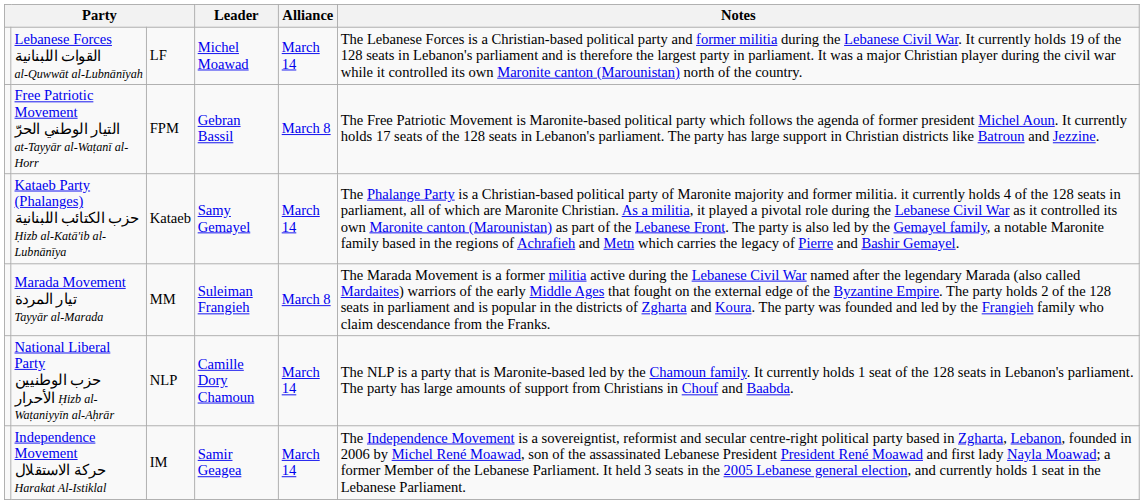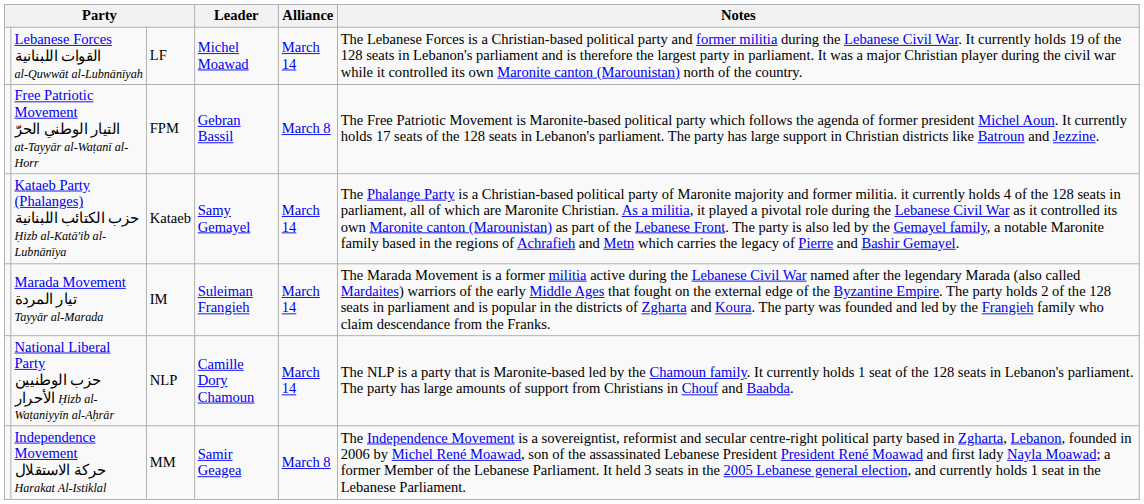 <table class="wikitable sortable">
 <tr>
 <th colspan="3">Party</th>
 <th>Leader</th>
 <th>Alliance</th>
 <th>Notes</th>
 </tr>
 <tr>
 <td></td>
 <td><a href='#'>Lebanese Forces</a><br><span>القوات اللبنانية</span><br><small><em>al-Quwwāt al-Lubnānīyah</em></small></td>
 <td>LF</td>
 <td><a href='#'>Michel Moawad</a></td>
 <td><a href='#'>March 14</a></td>
 <td>The Lebanese Forces is a Christian-based political party and <a href='#'>former militia</a> during the <a href='#'>Lebanese Civil War</a>. It currently holds 19 of the 128 seats in Lebanon's parliament and is therefore the largest party in parliament. It was a major Christian player during the civil war while it controlled its own <a href='#'>Maronite canton (Marounistan)</a> north of the country.</td>
 </tr>
 <tr>
 <td></td>
 <td><a href='#'>Free Patriotic Movement</a><br><span>التيار الوطني الحرّ</span><br><small><em>at-Tayyār al-Waṭanī al-Horr</em></small></td>
 <td>FPM</td>
 <td><a href='#'>Gebran Bassil</a></td>
 <td><a href='#'>March 8</a></td>
 <td>The Free Patriotic Movement is Maronite-based political party which follows the agenda of former president <a href='#'>Michel Aoun</a>. It currently holds 17 seats of the 128 seats in Lebanon's parliament. The party has large support in Christian districts like <a href='#'>Batroun</a> and <a href='#'>Jezzine</a>.</td>
 </tr>
 <tr>
 <td></td>
 <td><a href='#'>Kataeb Party (Phalanges)</a><br><span>حزب الكتائب اللبنانية</span><br><small><em>Ḥizb al-Katā'ib al-Lubnānīya</em></small></td>
 <td>Kataeb</td>
 <td><a href='#'>Samy Gemayel</a></td>
 <td><a href='#'>March 14</a></td>
 <td>The <a href='#'>Phalange Party</a> is a Christian-based political party of Maronite majority and former militia. it currently holds 4 of the 128 seats in parliament, all of which are Maronite Christian. <a href='#'>As a militia</a>, it played a pivotal role during the <a href='#'>Lebanese Civil War</a> as it controlled its own <a href='#'>Maronite canton (Marounistan)</a> as part of the <a href='#'>Lebanese Front</a>. The party is also led by the <a href='#'>Gemayel family</a>, a notable Maronite family based in the regions of <a href='#'>Achrafieh</a> and <a href='#'>Metn</a> which carries the legacy of <a href='#'>Pierre</a> and <a href='#'>Bashir Gemayel</a>.</td>
 </tr>
 <tr>
 <td></td>
 <td><a href='#'>Marada Movement</a><br><span>تيار المردة</span><br><small><em>Tayyār al-Marada</em></small></td>
-<td>MM</td>
+<td>IM</td>
 <td><a href='#'>Suleiman Frangieh</a></td>
-<td><a href='#'>March 8</a></td>
+<td><a href='#'>March 14</a></td>
 <td>The Marada Movement is a former <a href='#'>militia</a> active during the <a href='#'>Lebanese Civil War</a> named after the legendary Marada (also called <a href='#'>Mardaites</a>) warriors of the early <a href='#'>Middle Ages</a> that fought on the external edge of the <a href='#'>Byzantine Empire</a>. The party holds 2 of the 128 seats in parliament and is popular in the districts of <a href='#'>Zgharta</a> and <a href='#'>Koura</a>. The party was founded and led by the <a href='#'>Frangieh</a> family who claim descendance from the Franks.</td>
 </tr>
 <tr>
 <td></td>
 <td><a href='#'>National Liberal Party</a><br><span>حزب الوطنيين الأحرار</span> <small><em>Ḥizb al-Waṭaniyyīn al-Aḥrār</em></small></td>
 <td>NLP</td>
 <td><a href='#'>Camille Dory Chamoun</a></td>
 <td><a href='#'>March 14</a></td>
 <td>The NLP is a party that is Maronite-based led by the <a href='#'>Chamoun family</a>. It currently holds 1 seat of the 128 seats in Lebanon's parliament. The party has large amounts of support from Christians in <a href='#'>Chouf</a> and <a href='#'>Baabda</a>.</td>
 </tr>
 <tr>
 <td></td>
 <td><a href='#'>Independence Movement</a><br><span>حركة الاستقلال</span> <small><em>Harakat Al-Istiklal </em></small></td>
-<td>IM</td>
+<td>MM</td>
 <td><a href='#'>Samir Geagea</a></td>
-<td><a href='#'>March 14</a></td>
+<td><a href='#'>March 8</a></td>
 <td>The <a href='#'>Independence Movement</a> is a sovereigntist, reformist and secular centre-right political party based in <a href='#'>Zgharta</a>, <a href='#'>Lebanon</a>, founded in 2006 by <a href='#'>Michel René Moawad</a>, son of the assassinated Lebanese President <a href='#'>President René Moawad</a> and first lady <a href='#'>Nayla Moawad</a>; a former Member of the Lebanese Parliament. It held 3 seats in the <a href='#'>2005 Lebanese general election</a>, and currently holds 1 seat in the Lebanese Parliament.</td>
 </tr>
 </table>
